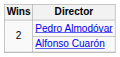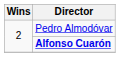 <table class="wikitable sortable">
 <tr>
 <th>Wins</th>
 <th>Director</th>
 </tr>
 <tr>
 <td rowspan="2" style="text-align:center">2</td>
 <td> <a href='#'>Pedro Almodóvar</a></td>
 </tr>
 <tr>
-<td> <a href='#'>Alfonso Cuarón</a></td>
+<td><strong> <a href='#'>Alfonso Cuarón</a></strong></td>
 </tr>
 <tr>
 </tr>
 </table>
